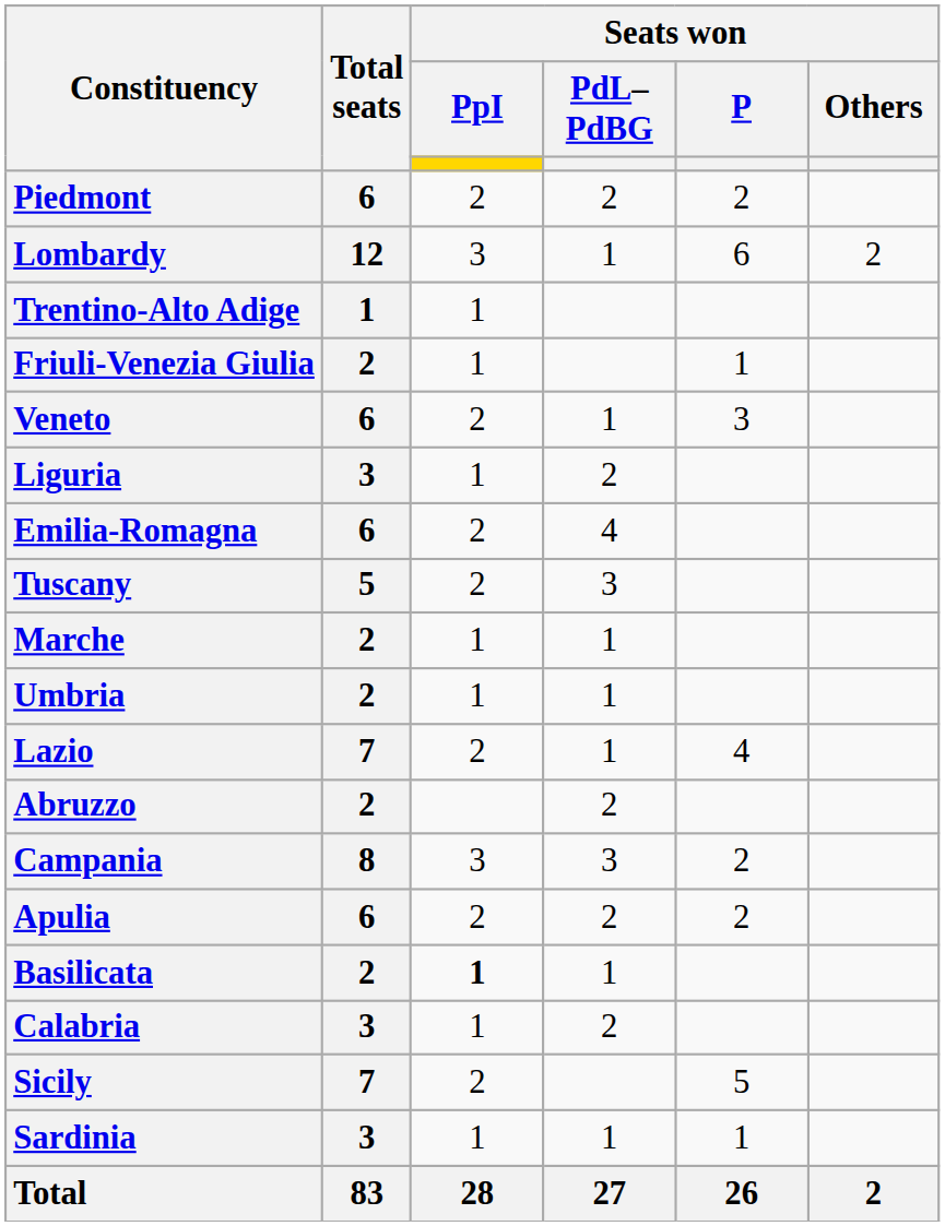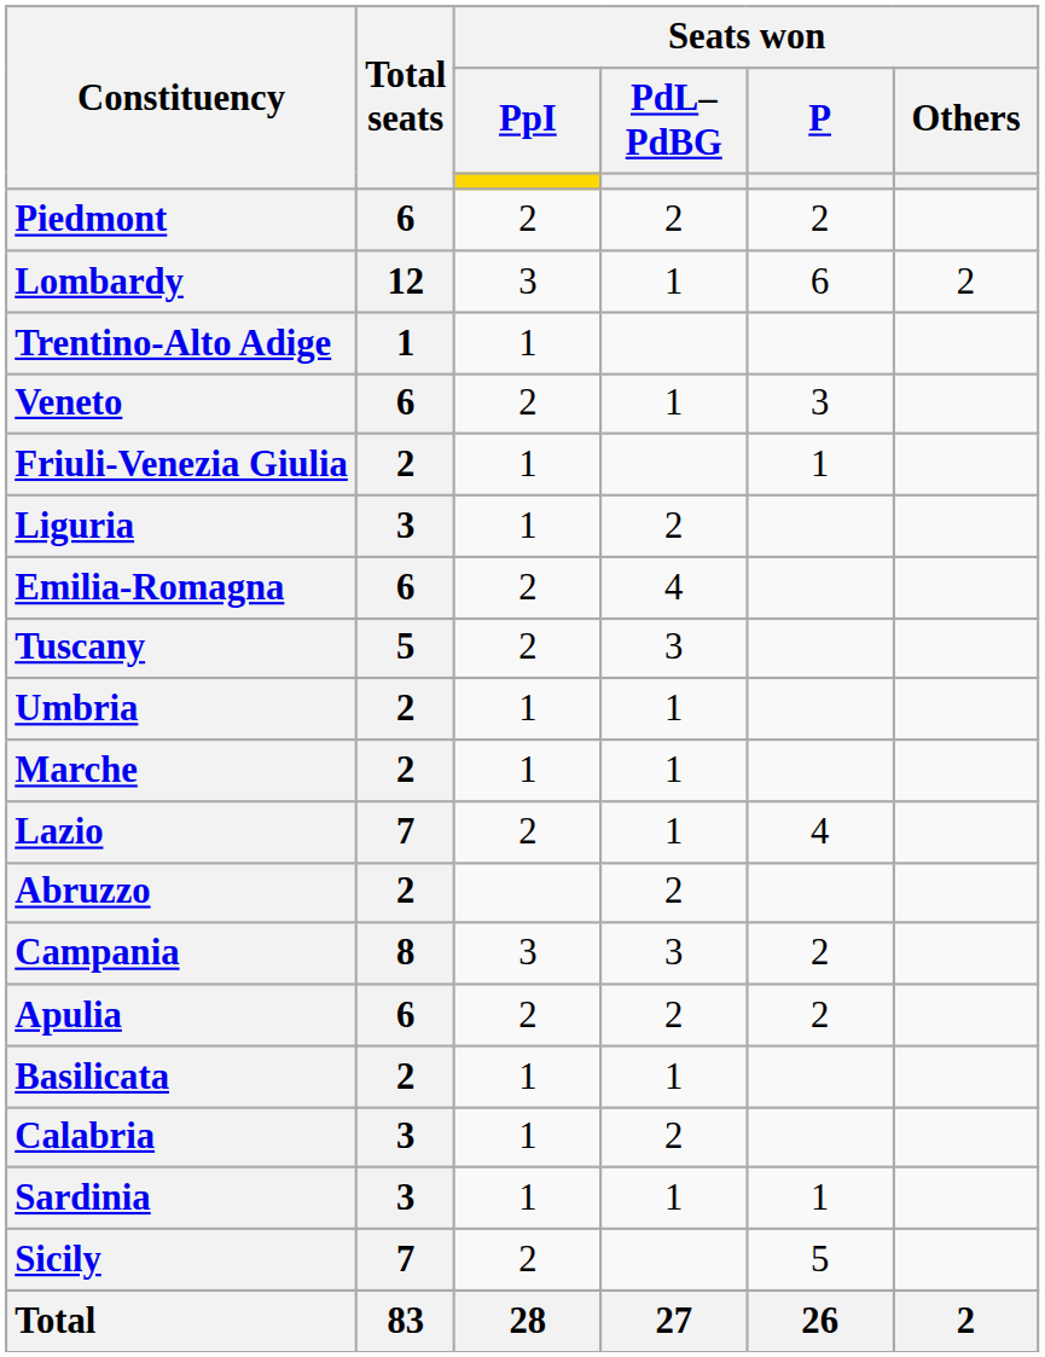 <table class="wikitable" style="text-align:center; font-size: 0.9em">
 <tr>
 <th rowspan="3">Constituency</th>
 <th rowspan="3">Total<br>seats</th>
 <th colspan="4">Seats won</th>
 </tr>
 <tr>
 <th class="unsortable" style="width:50px;"><a href='#'>PpI</a></th>
 <th class="unsortable" style="width:50px;"><a href='#'>PdL</a>–<a href='#'>PdBG</a></th>
 <th class="unsortable" style="width:50px;"><a href='#'>P</a></th>
 <th class="unsortable" style="width:50px;">Others</th>
 </tr>
 <tr>
 <th style="background:gold;"></th>
 <th style="background:"></th>
 <th style="background:"></th>
 <th style="background:"></th>
 </tr>
 <tr>
 <th style="text-align: left;"><a href='#'>Piedmont</a></th>
 <th>6</th>
 <td>2</td>
 <td>2</td>
 <td>2</td>
 <td></td>
 </tr>
 <tr>
 <th style="text-align: left;"><a href='#'>Lombardy</a></th>
 <th>12</th>
 <td>3</td>
 <td>1</td>
 <td>6</td>
 <td>2</td>
 </tr>
 <tr>
 <th style="text-align: left;"><a href='#'>Trentino-Alto Adige</a></th>
 <th>1</th>
 <td>1</td>
 <td></td>
 <td></td>
 <td></td>
 </tr>
 <tr>
+<th style="text-align: left;"><a href='#'>Veneto</a></th>
+<th>6</th>
+<td>2</td>
+<td>1</td>
+<td>3</td>
+<td></td>
+</tr>
+<tr>
 <th style="text-align: left;"><a href='#'>Friuli-Venezia Giulia</a></th>
 <th>2</th>
 <td>1</td>
 <td></td>
 <td>1</td>
-<td></td>
-</tr>
-<tr>
-<th style="text-align: left;"><a href='#'>Veneto</a></th>
-<th>6</th>
-<td>2</td>
-<td>1</td>
-<td>3</td>
 <td></td>
 </tr>
 <tr>
 <th style="text-align: left;"><a href='#'>Liguria</a></th>
 <th>3</th>
 <td>1</td>
 <td>2</td>
 <td></td>
 <td></td>
 </tr>
 <tr>
 <th style="text-align: left;"><a href='#'>Emilia-Romagna</a></th>
 <th>6</th>
 <td>2</td>
 <td>4</td>
 <td></td>
 <td></td>
 </tr>
 <tr>
 <th style="text-align: left;"><a href='#'>Tuscany</a></th>
 <th>5</th>
 <td>2</td>
 <td>3</td>
 <td></td>
 <td></td>
 </tr>
 <tr>
-<th style="text-align: left;"><a href='#'>Marche</a></th>
+<th style="text-align: left;"><a href='#'>Umbria</a></th>
 <th>2</th>
 <td>1</td>
 <td>1</td>
 <td></td>
 <td></td>
 </tr>
 <tr>
-<th style="text-align: left;"><a href='#'>Umbria</a></th>
+<th style="text-align: left;"><a href='#'>Marche</a></th>
 <th>2</th>
 <td>1</td>
 <td>1</td>
 <td></td>
 <td></td>
 </tr>
 <tr>
 <th style="text-align: left;"><a href='#'>Lazio</a></th>
 <th>7</th>
 <td>2</td>
 <td>1</td>
 <td>4</td>
 <td></td>
 </tr>
 <tr>
 <th style="text-align: left;"><a href='#'>Abruzzo</a></th>
 <th>2</th>
 <td></td>
 <td>2</td>
 <td></td>
 <td></td>
 </tr>
 <tr>
 <th style="text-align: left;"><a href='#'>Campania</a></th>
 <th>8</th>
 <td>3</td>
 <td>3</td>
 <td>2</td>
 <td></td>
 </tr>
 <tr>
 <th style="text-align: left;"><a href='#'>Apulia</a></th>
 <th>6</th>
 <td>2</td>
 <td>2</td>
 <td>2</td>
 <td></td>
 </tr>
 <tr>
 <th style="text-align: left;"><a href='#'>Basilicata</a></th>
 <th>2</th>
-<td><strong>1</strong></td>
+<td>1</td>
 <td>1</td>
 <td></td>
 <td></td>
 </tr>
 <tr>
 <th style="text-align: left;"><a href='#'>Calabria</a></th>
 <th>3</th>
 <td>1</td>
 <td>2</td>
 <td></td>
 <td></td>
 </tr>
 <tr>
+<th style="text-align: left;"><a href='#'>Sardinia</a></th>
+<th>3</th>
+<td>1</td>
+<td>1</td>
+<td>1</td>
+<td></td>
+</tr>
+<tr>
 <th style="text-align: left;"><a href='#'>Sicily</a></th>
 <th>7</th>
 <td>2</td>
 <td></td>
 <td>5</td>
-<td></td>
-</tr>
-<tr>
-<th style="text-align: left;"><a href='#'>Sardinia</a></th>
-<th>3</th>
-<td>1</td>
-<td>1</td>
-<td>1</td>
 <td></td>
 </tr>
 <tr>
 <th style="text-align: left;">Total</th>
 <th>83</th>
 <th>28</th>
 <th>27</th>
 <th>26</th>
 <th>2</th>
 </tr>
 </table>
